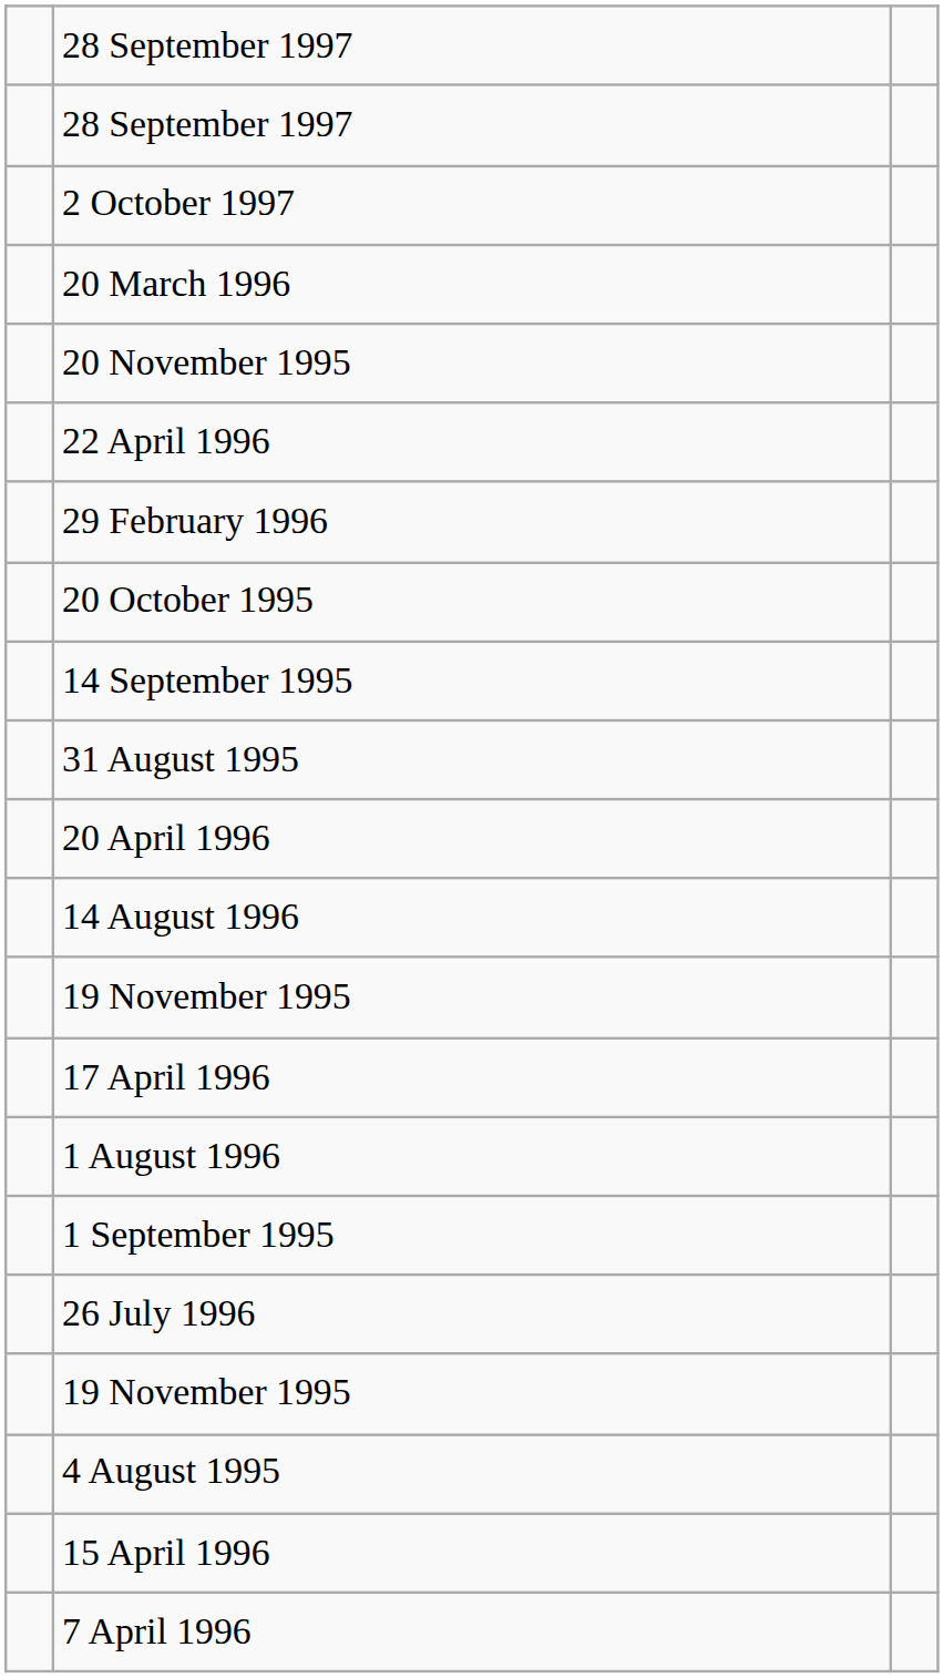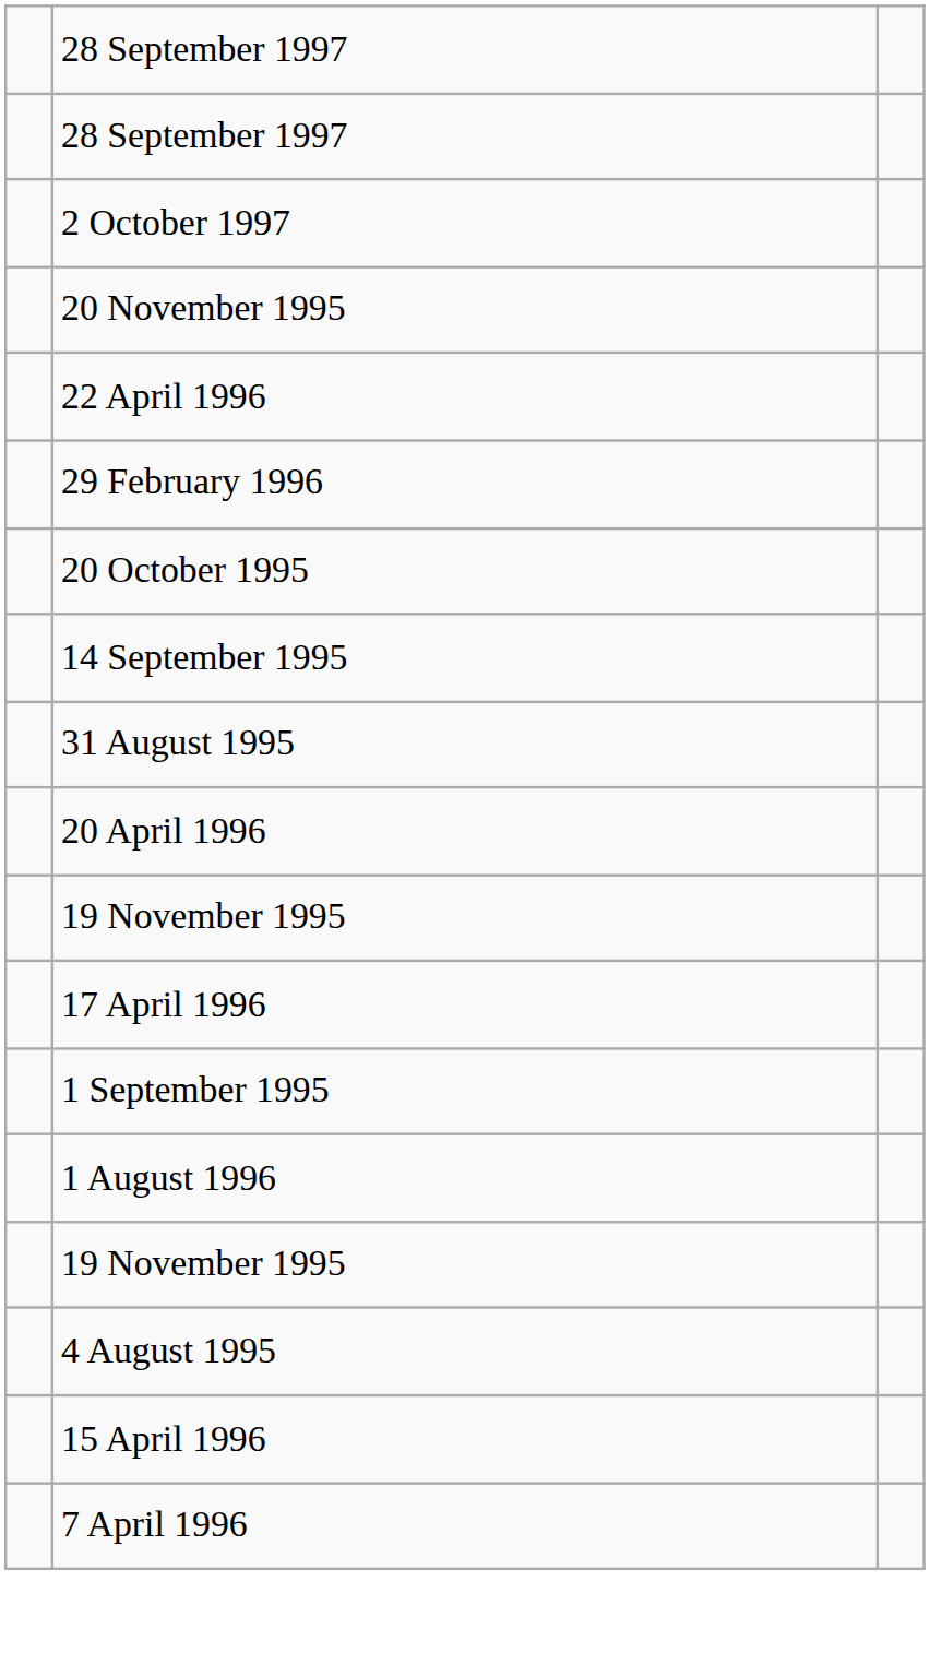 <table class="wikitable" style="font-size: 89%; float: left; width: 25em; margin-right: 1em; line-height: 1.65em !important; height: 605px;">
 <tr>
 <td></td>
 <td>28 September 1997</td>
 <td></td>
 </tr>
 <tr>
 <td></td>
 <td>28 September 1997</td>
 <td></td>
 </tr>
 <tr>
 <td></td>
 <td>2 October 1997</td>
-<td></td>
-</tr>
-<tr>
-<td></td>
-<td>20 March 1996</td>
 <td></td>
 </tr>
 <tr>
 <td></td>
 <td>20 November 1995</td>
 <td></td>
 </tr>
 <tr>
 <td></td>
 <td>22 April 1996</td>
 <td></td>
 </tr>
 <tr>
 <td></td>
 <td>29 February 1996</td>
 <td></td>
 </tr>
 <tr>
 <td></td>
 <td>20 October 1995</td>
 <td></td>
 </tr>
 <tr>
 <td></td>
 <td>14 September 1995</td>
 <td></td>
 </tr>
 <tr>
 <td></td>
 <td>31 August 1995</td>
 <td></td>
 </tr>
 <tr>
 <td></td>
 <td>20 April 1996</td>
 <td></td>
 </tr>
 <tr>
 <td></td>
-<td>14 August 1996</td>
-<td></td>
-</tr>
-<tr>
-<td></td>
 <td>19 November 1995</td>
 <td></td>
 </tr>
 <tr>
 <td></td>
 <td>17 April 1996</td>
 <td></td>
 </tr>
 <tr>
 <td></td>
-<td>1 August 1996</td>
-<td></td>
-</tr>
-<tr>
-<td></td>
 <td>1 September 1995</td>
 <td></td>
 </tr>
 <tr>
 <td></td>
-<td>26 July 1996</td>
+<td>1 August 1996</td>
 <td></td>
 </tr>
 <tr>
 <td></td>
 <td>19 November 1995</td>
 <td></td>
 </tr>
 <tr>
 <td></td>
 <td>4 August 1995</td>
 <td></td>
 </tr>
 <tr>
 <td></td>
 <td>15 April 1996</td>
 <td></td>
 </tr>
 <tr>
 <td></td>
 <td>7 April 1996</td>
 <td></td>
 </tr>
 </table>
